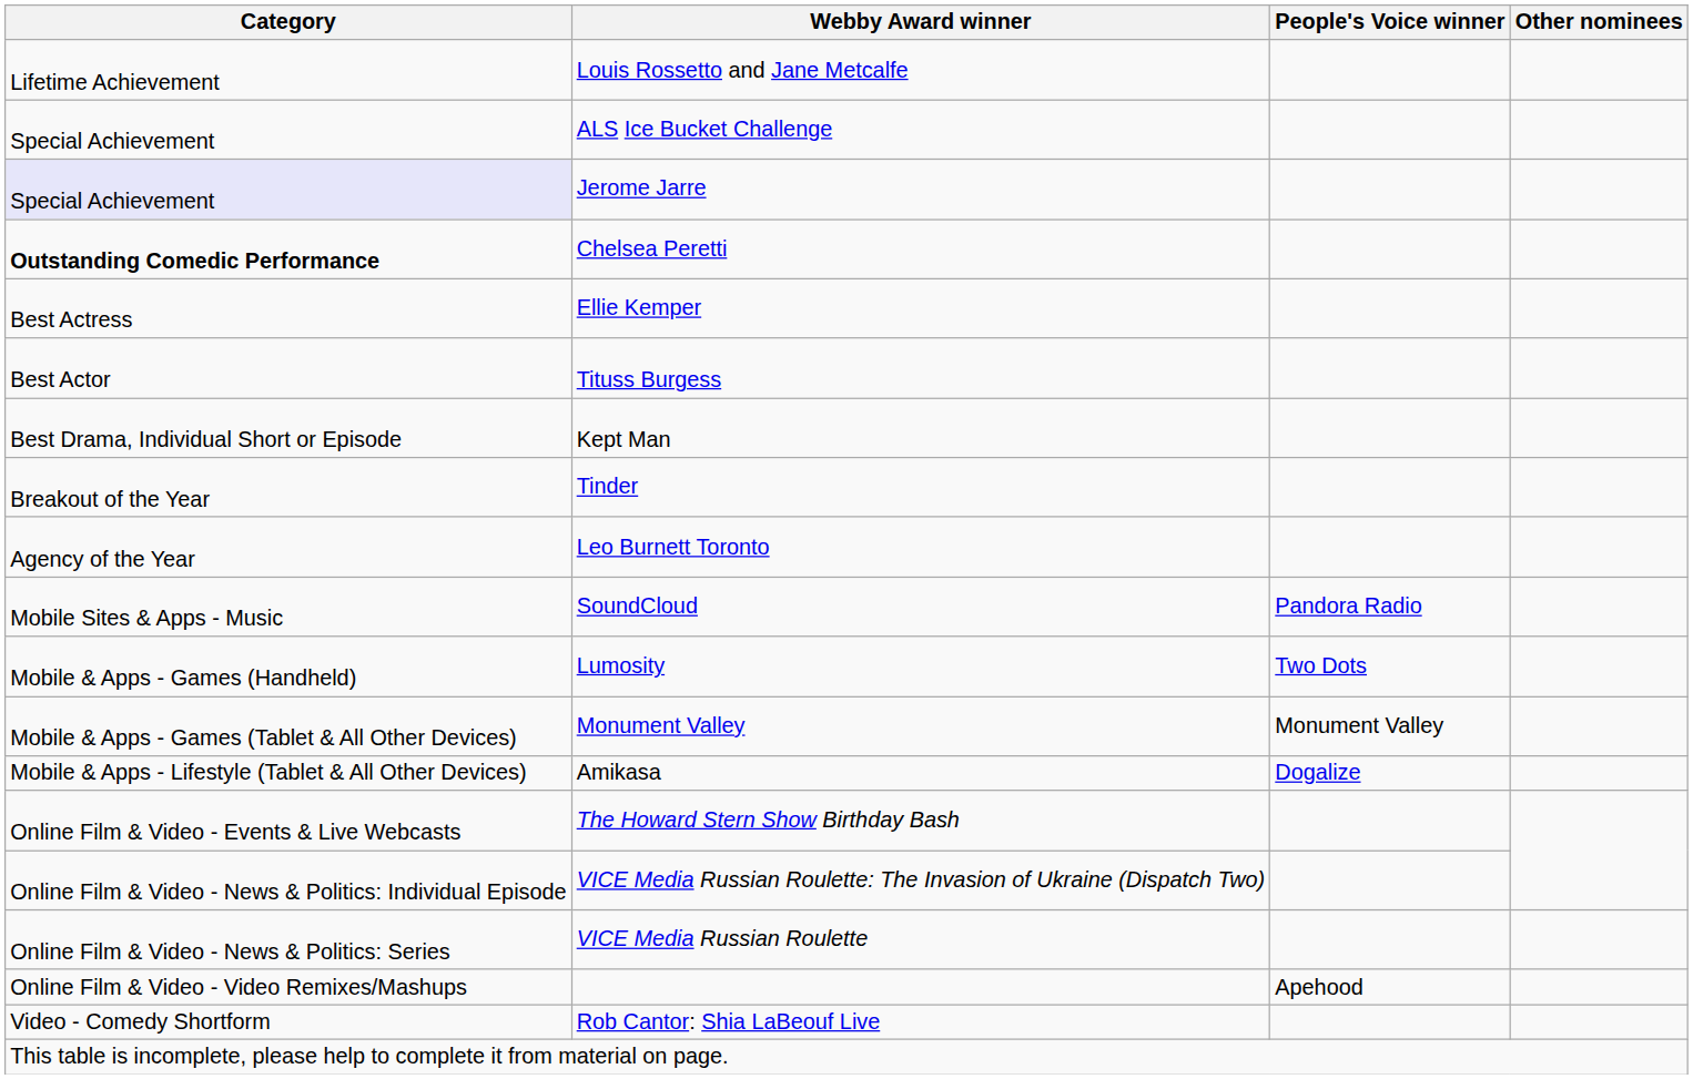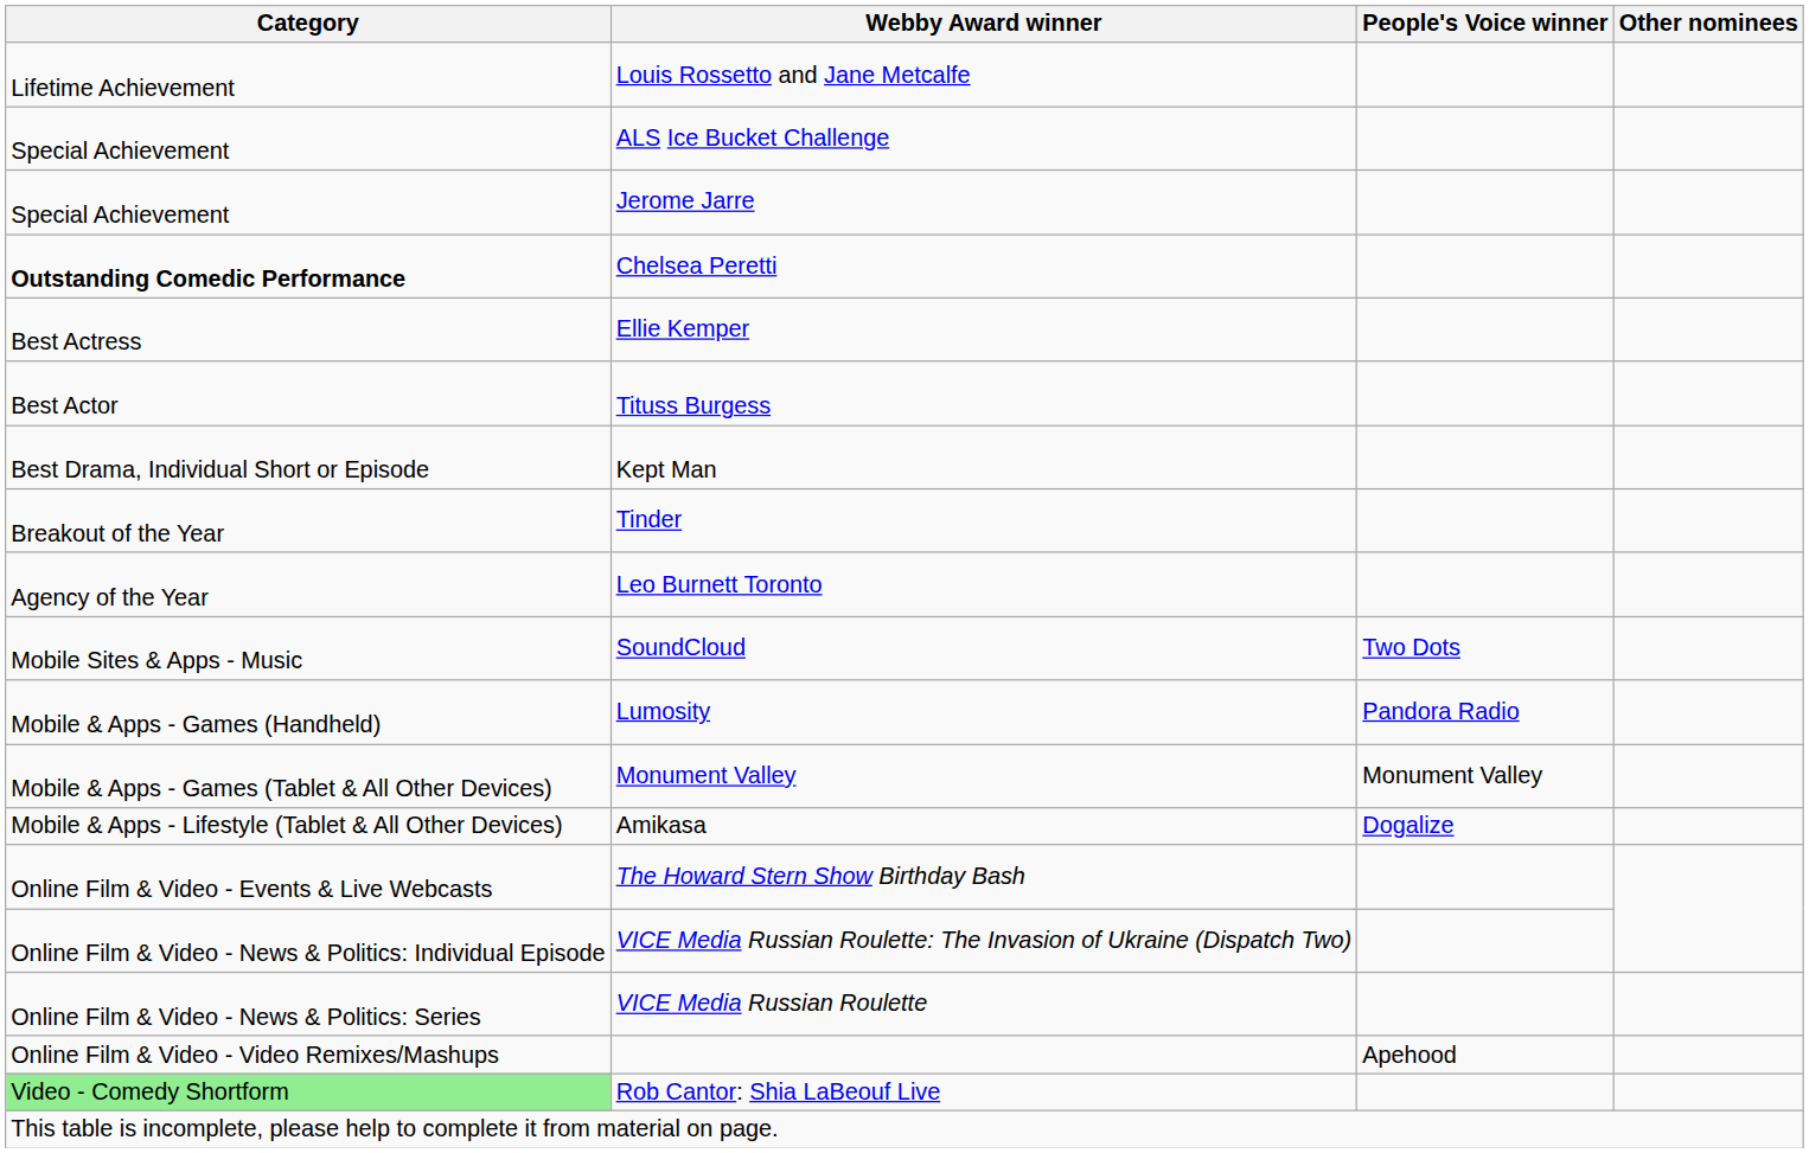 <table class="wikitable">
 <tr>
 <th>Category</th>
 <th>Webby Award winner</th>
 <th>People's Voice winner</th>
 <th>Other nominees</th>
 </tr>
 <tr>
 <td><br>Lifetime Achievement</td>
 <td><a href='#'>Louis Rossetto</a> and <a href='#'>Jane Metcalfe</a></td>
 <td></td>
 <td></td>
 </tr>
 <tr>
 <td><br>Special Achievement</td>
 <td><a href='#'>ALS</a> <a href='#'>Ice Bucket Challenge</a></td>
 <td></td>
 <td></td>
 </tr>
 <tr>
-<td style="background: lavender;"><br>Special Achievement</td>
+<td><br>Special Achievement</td>
 <td><a href='#'>Jerome Jarre</a></td>
 <td></td>
 <td></td>
 </tr>
 <tr>
 <td><strong><br>Outstanding Comedic Performance</strong></td>
 <td><a href='#'>Chelsea Peretti</a></td>
 <td></td>
 <td></td>
 </tr>
 <tr>
 <td><br>Best Actress</td>
 <td><a href='#'>Ellie Kemper</a></td>
 <td></td>
 <td></td>
 </tr>
 <tr>
 <td><br>Best Actor</td>
 <td><br><a href='#'>Tituss Burgess</a></td>
 <td></td>
 <td></td>
 </tr>
 <tr>
 <td><br>Best Drama, Individual Short or Episode</td>
 <td><br>Kept Man</td>
 <td></td>
 <td></td>
 </tr>
 <tr>
 <td><br>Breakout of the Year</td>
 <td><a href='#'>Tinder</a></td>
 <td></td>
 <td></td>
 </tr>
 <tr>
 <td><br>Agency of the Year</td>
 <td><a href='#'>Leo Burnett Toronto</a></td>
 <td></td>
 <td></td>
 </tr>
 <tr>
 <td><br>Mobile Sites & Apps - Music</td>
 <td><a href='#'>SoundCloud</a></td>
-<td><a href='#'>Pandora Radio</a></td>
+<td><a href='#'>Two Dots</a></td>
 <td></td>
 </tr>
 <tr>
 <td><br>Mobile & Apps - Games (Handheld)</td>
 <td><a href='#'>Lumosity</a></td>
-<td><a href='#'>Two Dots</a></td>
+<td><a href='#'>Pandora Radio</a></td>
 <td></td>
 </tr>
 <tr>
 <td><br>Mobile & Apps - Games (Tablet & All Other Devices)</td>
 <td><a href='#'>Monument Valley</a></td>
 <td>Monument Valley</td>
 <td></td>
 </tr>
 <tr>
 <td>Mobile & Apps - Lifestyle (Tablet & All Other Devices)</td>
 <td>Amikasa</td>
 <td><a href='#'>Dogalize</a></td>
 <td></td>
 </tr>
 <tr>
 <td><br>Online Film & Video - Events & Live Webcasts</td>
 <td><em><a href='#'>The Howard Stern Show</a> Birthday Bash</em></td>
 <td></td>
 </tr>
 <tr>
 <td><br>Online Film & Video - News & Politics: Individual Episode</td>
 <td><em><a href='#'>VICE Media</a> Russian Roulette: The Invasion of Ukraine (Dispatch Two)</em></td>
 <td></td>
 </tr>
 <tr>
 <td><br>Online Film & Video - News & Politics: Series</td>
 <td><em><a href='#'>VICE Media</a> Russian Roulette</em></td>
 <td></td>
 <td></td>
 </tr>
 <tr>
 <td>Online Film & Video - Video Remixes/Mashups</td>
 <td></td>
 <td>Apehood</td>
 <td></td>
 </tr>
 <tr>
-<td>Video - Comedy Shortform</td>
+<td style="background: lightgreen;">Video - Comedy Shortform</td>
 <td><a href='#'>Rob Cantor</a>: <a href='#'>Shia LaBeouf Live</a></td>
 <td></td>
 </tr>
 <tr>
 <td colspan=4>This table is incomplete, please help to complete it from material on  page.</td>
 </tr>
 </table>
